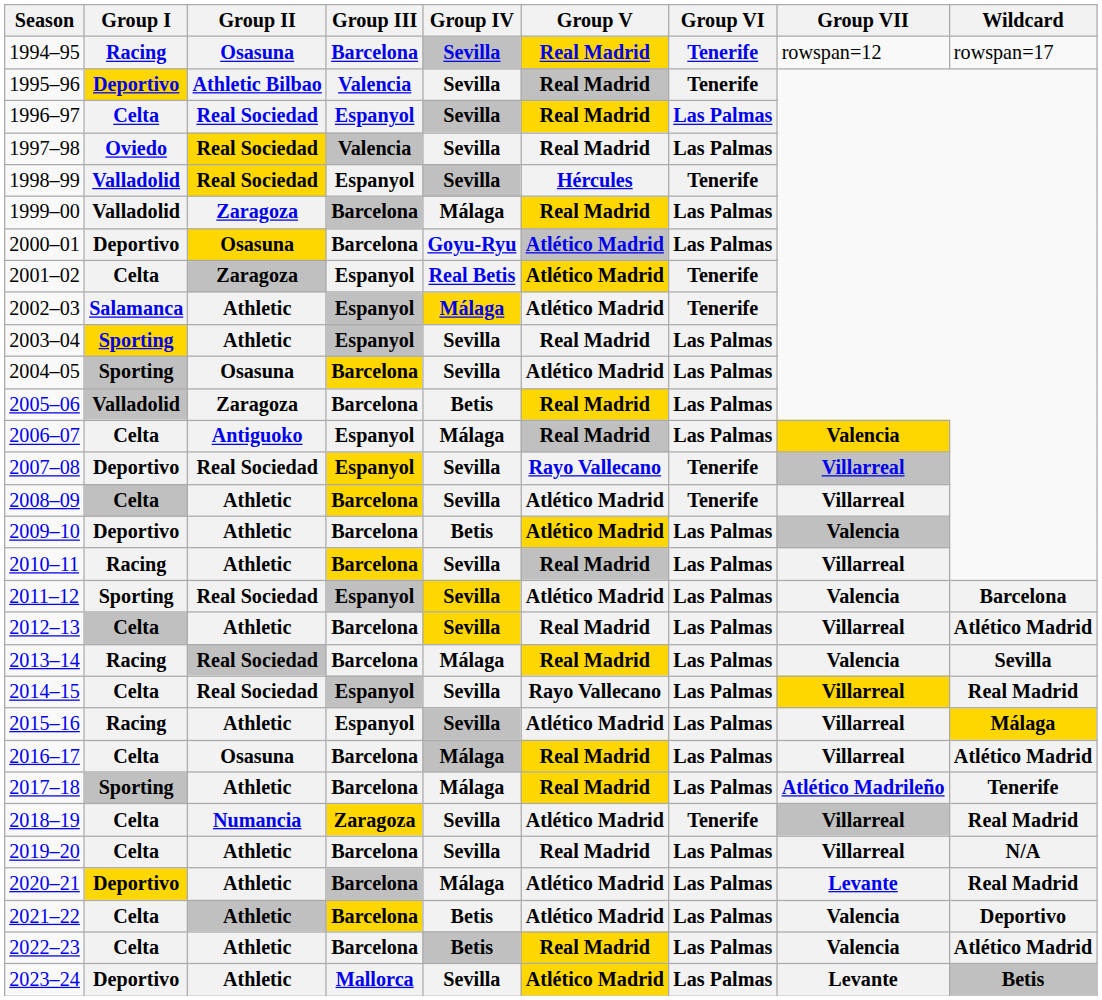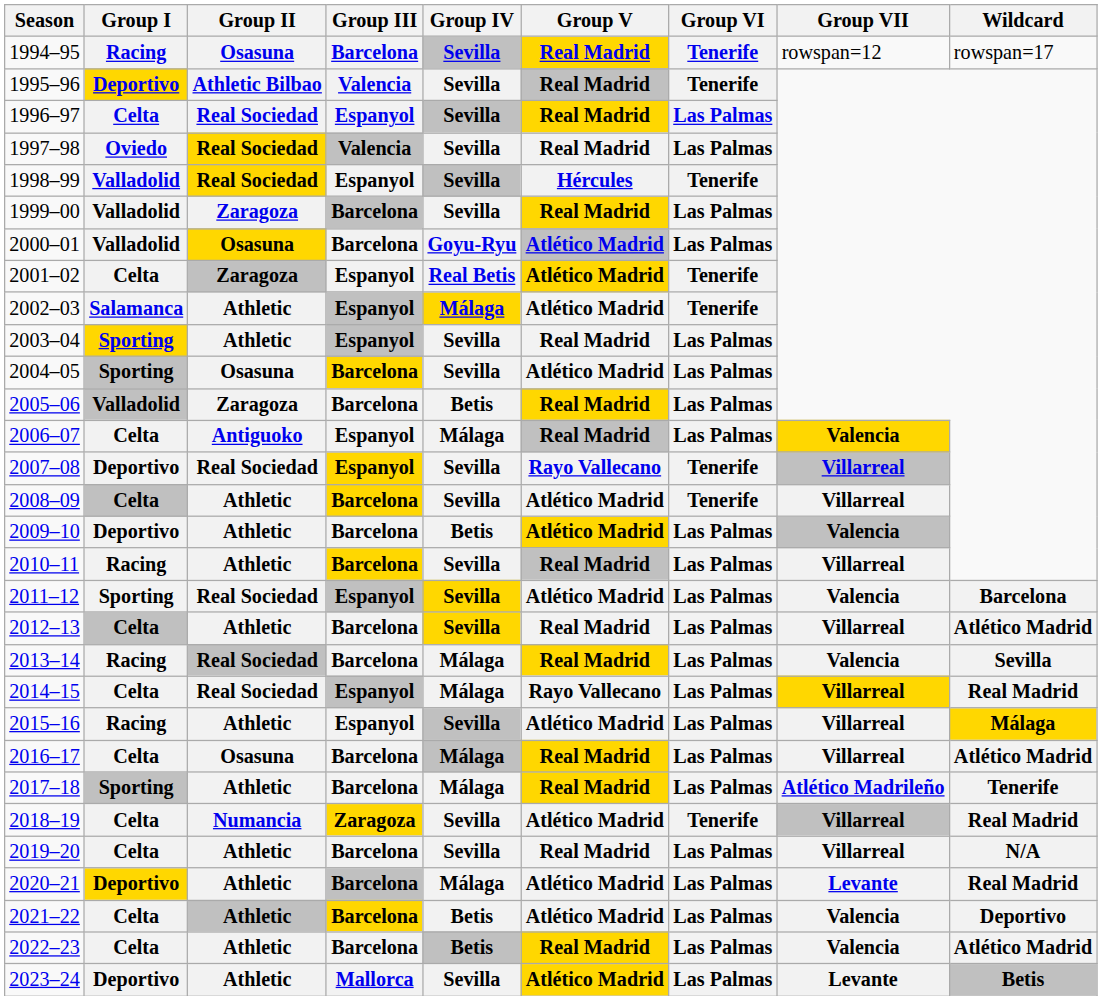 <table class="wikitable">
 <tr>
 <th>Season</th>
 <th>Group I</th>
 <th>Group II</th>
 <th>Group III</th>
 <th>Group IV</th>
 <th>Group V</th>
 <th>Group VI</th>
 <th>Group VII</th>
 <th>Wildcard</th>
 </tr>
 <tr>
 <td>1994–95</td>
 <th><a href='#'>Racing</a></th>
 <th><a href='#'>Osasuna</a></th>
 <th><a href='#'>Barcelona</a></th>
 <th style="background:silver"><a href='#'>Sevilla</a></th>
 <th style="background:gold"><a href='#'>Real Madrid</a></th>
 <th><a href='#'>Tenerife</a></th>
 <td>rowspan=12 </td>
 <td>rowspan=17 </td>
 </tr>
 <tr>
 <td>1995–96</td>
 <th style="background:gold"><a href='#'>Deportivo</a></th>
 <th><a href='#'>Athletic Bilbao</a></th>
 <th><a href='#'>Valencia</a></th>
 <th Sevilla FC (youth)>Sevilla</th>
 <th style="background:silver">Real Madrid</th>
 <th CD Tenerife>Tenerife</th>
 </tr>
 <tr>
 <td>1996–97</td>
 <th><a href='#'>Celta</a></th>
 <th><a href='#'>Real Sociedad</a></th>
 <th><a href='#'>Espanyol</a></th>
 <th style="background:silver">Sevilla</th>
 <th style="background:gold">Real Madrid</th>
 <th><a href='#'>Las Palmas</a></th>
 </tr>
 <tr>
 <td>1997–98</td>
 <th><a href='#'>Oviedo</a></th>
 <th style="background:gold">Real Sociedad</th>
 <th style="background:silver">Valencia</th>
 <th>Sevilla</th>
 <th>Real Madrid</th>
 <th>Las Palmas</th>
 </tr>
 <tr>
 <td>1998–99</td>
 <th><a href='#'>Valladolid</a></th>
 <th style="background:gold">Real Sociedad</th>
 <th>Espanyol</th>
 <th style="background:silver">Sevilla</th>
 <th><a href='#'>Hércules</a></th>
 <th>Tenerife</th>
 </tr>
 <tr>
 <td>1999–00</td>
 <th>Valladolid</th>
 <th><a href='#'>Zaragoza</a></th>
 <th style="background:silver">Barcelona</th>
-<th>Málaga</th>
+<th>Sevilla</th>
 <th style="background:gold">Real Madrid</th>
 <th>Las Palmas</th>
 </tr>
 <tr>
 <td>2000–01</td>
-<th>Deportivo</th>
+<th>Valladolid</th>
 <th style="background:gold">Osasuna</th>
 <th>Barcelona</th>
 <th><a href='#'>Goyu-Ryu</a></th>
 <th style="background:silver"><a href='#'>Atlético Madrid</a></th>
 <th>Las Palmas</th>
 </tr>
 <tr>
 <td>2001–02</td>
 <th>Celta</th>
 <th style="background:silver">Zaragoza</th>
 <th>Espanyol</th>
 <th><a href='#'>Real Betis</a></th>
 <th style="background:gold">Atlético Madrid</th>
 <th>Tenerife</th>
 </tr>
 <tr>
 <td>2002–03</td>
 <th><a href='#'>Salamanca</a></th>
 <th>Athletic</th>
 <th style="background:silver">Espanyol</th>
 <th style="background:gold"><a href='#'>Málaga</a></th>
 <th>Atlético Madrid</th>
 <th>Tenerife</th>
 </tr>
 <tr>
 <td>2003–04</td>
 <th style="background:gold"><a href='#'>Sporting</a></th>
 <th>Athletic</th>
 <th style="background:silver">Espanyol</th>
 <th>Sevilla</th>
 <th>Real Madrid</th>
 <th>Las Palmas</th>
 </tr>
 <tr>
 <td>2004–05</td>
 <th style="background:silver">Sporting</th>
 <th>Osasuna</th>
 <th style="background:gold">Barcelona</th>
 <th>Sevilla</th>
 <th>Atlético Madrid</th>
 <th>Las Palmas</th>
 </tr>
 <tr>
 <td><a href='#'>2005–06</a></td>
 <th style="background:silver">Valladolid</th>
 <th>Zaragoza</th>
 <th>Barcelona</th>
 <th>Betis</th>
 <th style="background:gold">Real Madrid</th>
 <th>Las Palmas</th>
 </tr>
 <tr>
 <td><a href='#'>2006–07</a></td>
 <th>Celta</th>
 <th><a href='#'>Antiguoko</a></th>
 <th>Espanyol</th>
 <th>Málaga</th>
 <th style="background:silver">Real Madrid</th>
 <th>Las Palmas</th>
 <th style="background:gold">Valencia</th>
 </tr>
 <tr>
 <td><a href='#'>2007–08</a></td>
 <th>Deportivo</th>
 <th>Real Sociedad</th>
 <th style="background:gold">Espanyol</th>
 <th>Sevilla</th>
 <th><a href='#'>Rayo Vallecano</a></th>
 <th>Tenerife</th>
 <th style="background:silver"><a href='#'>Villarreal</a></th>
 </tr>
 <tr>
 <td><a href='#'>2008–09</a></td>
 <th style="background:silver">Celta</th>
 <th>Athletic</th>
 <th style="background:gold">Barcelona</th>
 <th>Sevilla</th>
 <th>Atlético Madrid</th>
 <th>Tenerife</th>
 <th>Villarreal</th>
 </tr>
 <tr>
 <td><a href='#'>2009–10</a></td>
 <th>Deportivo</th>
 <th>Athletic</th>
 <th>Barcelona</th>
 <th>Betis</th>
 <th style="background:gold">Atlético Madrid</th>
 <th>Las Palmas</th>
 <th style="background:silver">Valencia</th>
 </tr>
 <tr>
 <td><a href='#'>2010–11</a></td>
 <th>Racing</th>
 <th>Athletic</th>
 <th style="background:gold">Barcelona</th>
 <th>Sevilla</th>
 <th style="background:silver">Real Madrid</th>
 <th>Las Palmas</th>
 <th>Villarreal</th>
 </tr>
 <tr>
 <td><a href='#'>2011–12</a></td>
 <th>Sporting</th>
 <th>Real Sociedad</th>
 <th style="background:silver">Espanyol</th>
 <th style="background:gold">Sevilla</th>
 <th>Atlético Madrid</th>
 <th>Las Palmas</th>
 <th>Valencia</th>
 <th>Barcelona</th>
 </tr>
 <tr>
 <td><a href='#'>2012–13</a></td>
 <th style="background:silver">Celta</th>
 <th>Athletic</th>
 <th>Barcelona</th>
 <th style="background:gold">Sevilla</th>
 <th>Real Madrid</th>
 <th>Las Palmas</th>
 <th>Villarreal</th>
 <th>Atlético Madrid</th>
 </tr>
 <tr>
 <td><a href='#'>2013–14</a></td>
 <th>Racing</th>
 <th style="background:silver">Real Sociedad</th>
 <th>Barcelona</th>
 <th>Málaga</th>
 <th style="background:gold">Real Madrid</th>
 <th>Las Palmas</th>
 <th>Valencia</th>
 <th>Sevilla</th>
 </tr>
 <tr>
 <td><a href='#'>2014–15</a></td>
 <th>Celta</th>
 <th>Real Sociedad</th>
 <th style="background:silver">Espanyol</th>
-<th>Sevilla</th>
+<th>Málaga</th>
 <th>Rayo Vallecano</th>
 <th>Las Palmas</th>
 <th style="background:gold">Villarreal</th>
 <th>Real Madrid</th>
 </tr>
 <tr>
 <td><a href='#'>2015–16</a></td>
 <th>Racing</th>
 <th>Athletic</th>
 <th>Espanyol</th>
 <th style="background:silver">Sevilla</th>
 <th>Atlético Madrid</th>
 <th>Las Palmas</th>
 <th>Villarreal</th>
 <th style="background:gold">Málaga</th>
 </tr>
 <tr>
 <td><a href='#'>2016–17</a></td>
 <th>Celta</th>
 <th>Osasuna</th>
 <th>Barcelona</th>
 <th style="background:silver">Málaga</th>
 <th style="background:gold">Real Madrid</th>
 <th>Las Palmas</th>
 <th>Villarreal</th>
 <th>Atlético Madrid</th>
 </tr>
 <tr>
 <td><a href='#'>2017–18</a></td>
 <th style="background:silver">Sporting</th>
 <th>Athletic</th>
 <th>Barcelona</th>
 <th>Málaga</th>
 <th style="background:gold">Real Madrid</th>
 <th>Las Palmas</th>
 <th><a href='#'>Atlético Madrileño</a></th>
 <th>Tenerife</th>
 </tr>
 <tr>
 <td><a href='#'>2018–19</a></td>
 <th>Celta</th>
 <th><a href='#'>Numancia</a></th>
 <th style="background:gold">Zaragoza</th>
 <th>Sevilla</th>
 <th>Atlético Madrid</th>
 <th>Tenerife</th>
 <th style="background:silver">Villarreal</th>
 <th>Real Madrid</th>
 </tr>
 <tr>
 <td><a href='#'>2019–20</a></td>
 <th>Celta</th>
 <th>Athletic</th>
 <th>Barcelona</th>
 <th>Sevilla</th>
 <th>Real Madrid</th>
 <th>Las Palmas</th>
 <th>Villarreal</th>
 <th>N/A</th>
 </tr>
 <tr>
 <td><a href='#'>2020–21</a></td>
 <th style="background:gold">Deportivo</th>
 <th>Athletic</th>
 <th style="background:silver">Barcelona</th>
 <th>Málaga</th>
 <th>Atlético Madrid</th>
 <th>Las Palmas</th>
 <th><a href='#'> Levante</a></th>
 <th>Real Madrid</th>
 </tr>
 <tr>
 <td><a href='#'>2021–22</a></td>
 <th>Celta</th>
 <th style="background:silver">Athletic</th>
 <th style="background:gold">Barcelona</th>
 <th>Betis</th>
 <th>Atlético Madrid</th>
 <th>Las Palmas</th>
 <th>Valencia</th>
 <th>Deportivo</th>
 </tr>
 <tr>
 <td><a href='#'>2022–23</a></td>
 <th>Celta</th>
 <th>Athletic</th>
 <th>Barcelona</th>
 <th style="background:silver">Betis</th>
 <th style="background:gold">Real Madrid</th>
 <th>Las Palmas</th>
 <th>Valencia</th>
 <th>Atlético Madrid</th>
 </tr>
 <tr>
 <td><a href='#'>2023–24</a></td>
 <th>Deportivo</th>
 <th>Athletic</th>
 <th><a href='#'>Mallorca</a></th>
 <th>Sevilla</th>
 <th style="background:gold">Atlético Madrid</th>
 <th>Las Palmas</th>
 <th>Levante</th>
 <th style="background:silver">Betis</th>
 </tr>
 </table>
